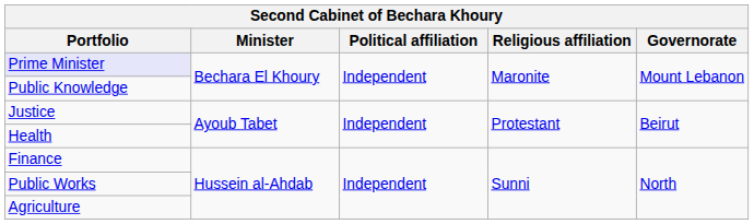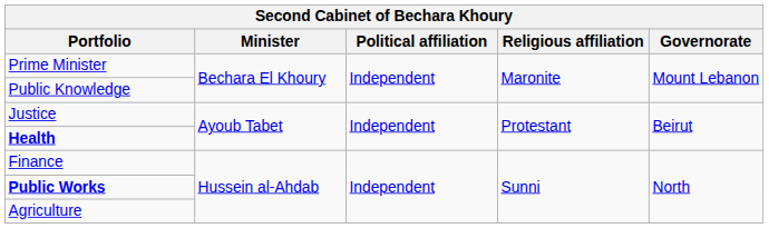 <table class="wikitable">
 <tr>
 <th colspan="5">Second Cabinet of Bechara Khoury</th>
 </tr>
 <tr>
 <th width="25%">Portfolio</th>
 <th width="20%">Minister</th>
 <th width="20%">Political affiliation</th>
 <th width="20%">Religious affiliation</th>
 <th width="20%">Governorate</th>
 </tr>
 <tr>
-<td style="background: lavender;"><a href='#'>Prime Minister</a></td>
+<td><a href='#'>Prime Minister</a></td>
 <td rowspan="2"><a href='#'>Bechara El Khoury</a></td>
 <td rowspan="2"> <a href='#'>Independent</a></td>
 <td rowspan="2"><a href='#'>Maronite</a></td>
 <td rowspan="2"><a href='#'>Mount Lebanon</a></td>
 </tr>
 <tr>
 <td><a href='#'>Public Knowledge</a></td>
 </tr>
 <tr>
 <td><a href='#'>Justice</a></td>
 <td rowspan="2"><a href='#'>Ayoub Tabet</a></td>
 <td rowspan="2"> <a href='#'>Independent</a></td>
 <td rowspan="2"><a href='#'>Protestant</a></td>
 <td rowspan="2"><a href='#'>Beirut</a></td>
 </tr>
 <tr>
-<td><a href='#'>Health</a></td>
+<td><strong><a href='#'>Health</a></strong></td>
 </tr>
 <tr>
 <td><a href='#'>Finance</a></td>
 <td rowspan="3"><a href='#'>Hussein al-Ahdab</a></td>
 <td rowspan="3"> <a href='#'>Independent</a></td>
 <td rowspan="3"><a href='#'>Sunni</a></td>
 <td rowspan="3"><a href='#'>North</a></td>
 </tr>
 <tr>
-<td><a href='#'>Public Works</a></td>
+<td><strong><a href='#'>Public Works</a></strong></td>
 </tr>
 <tr>
 <td><a href='#'>Agriculture</a></td>
 </tr>
 </table>
